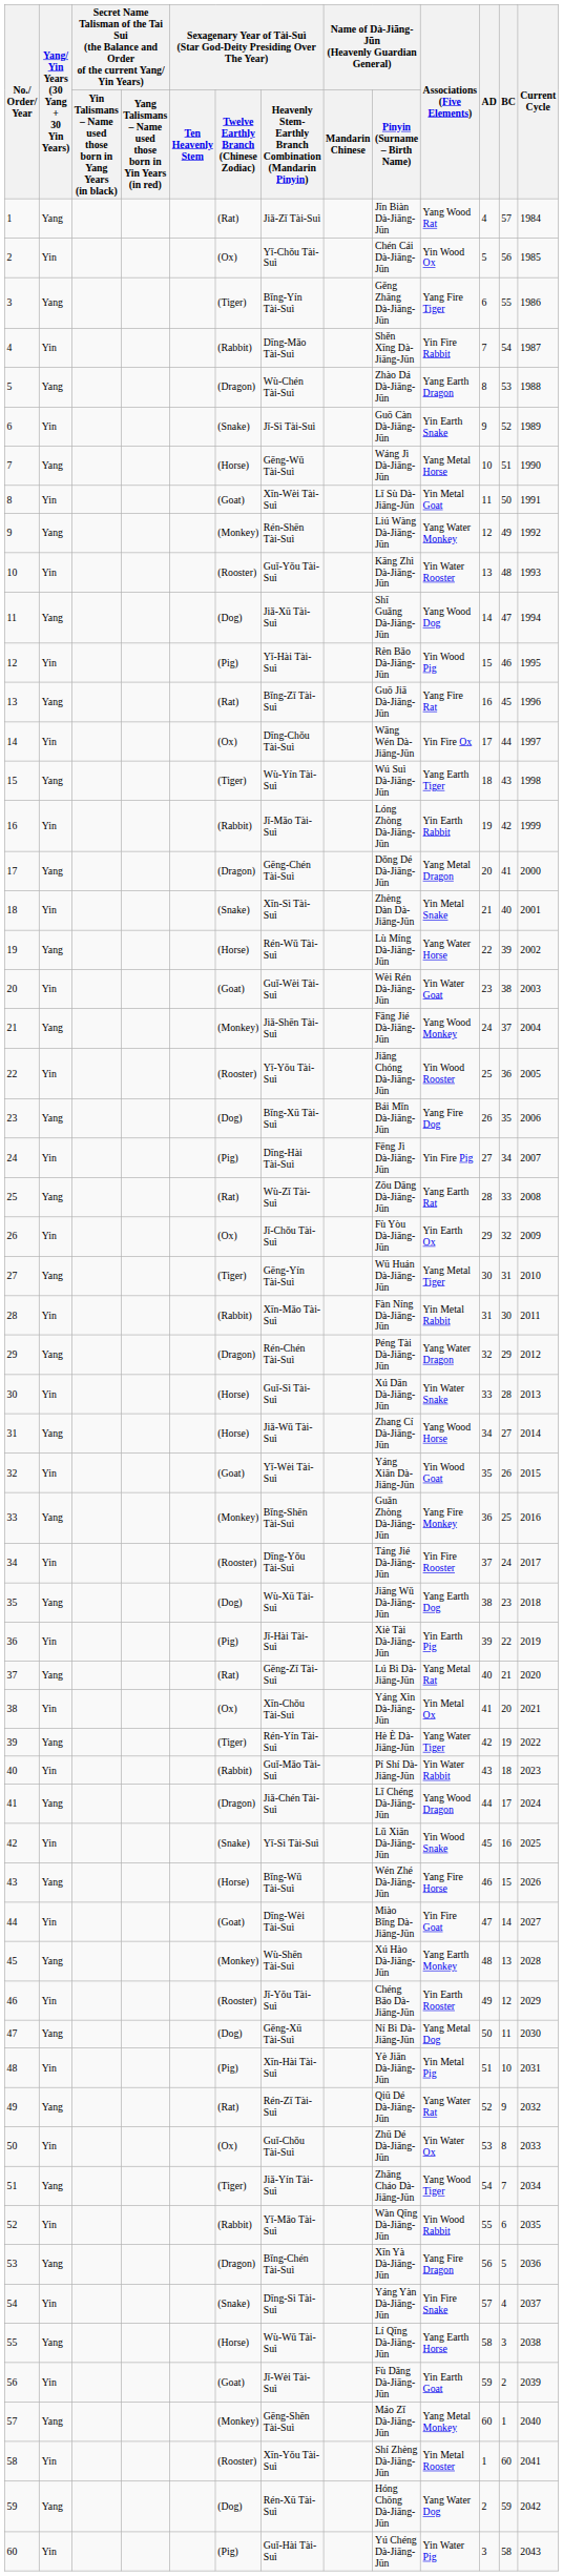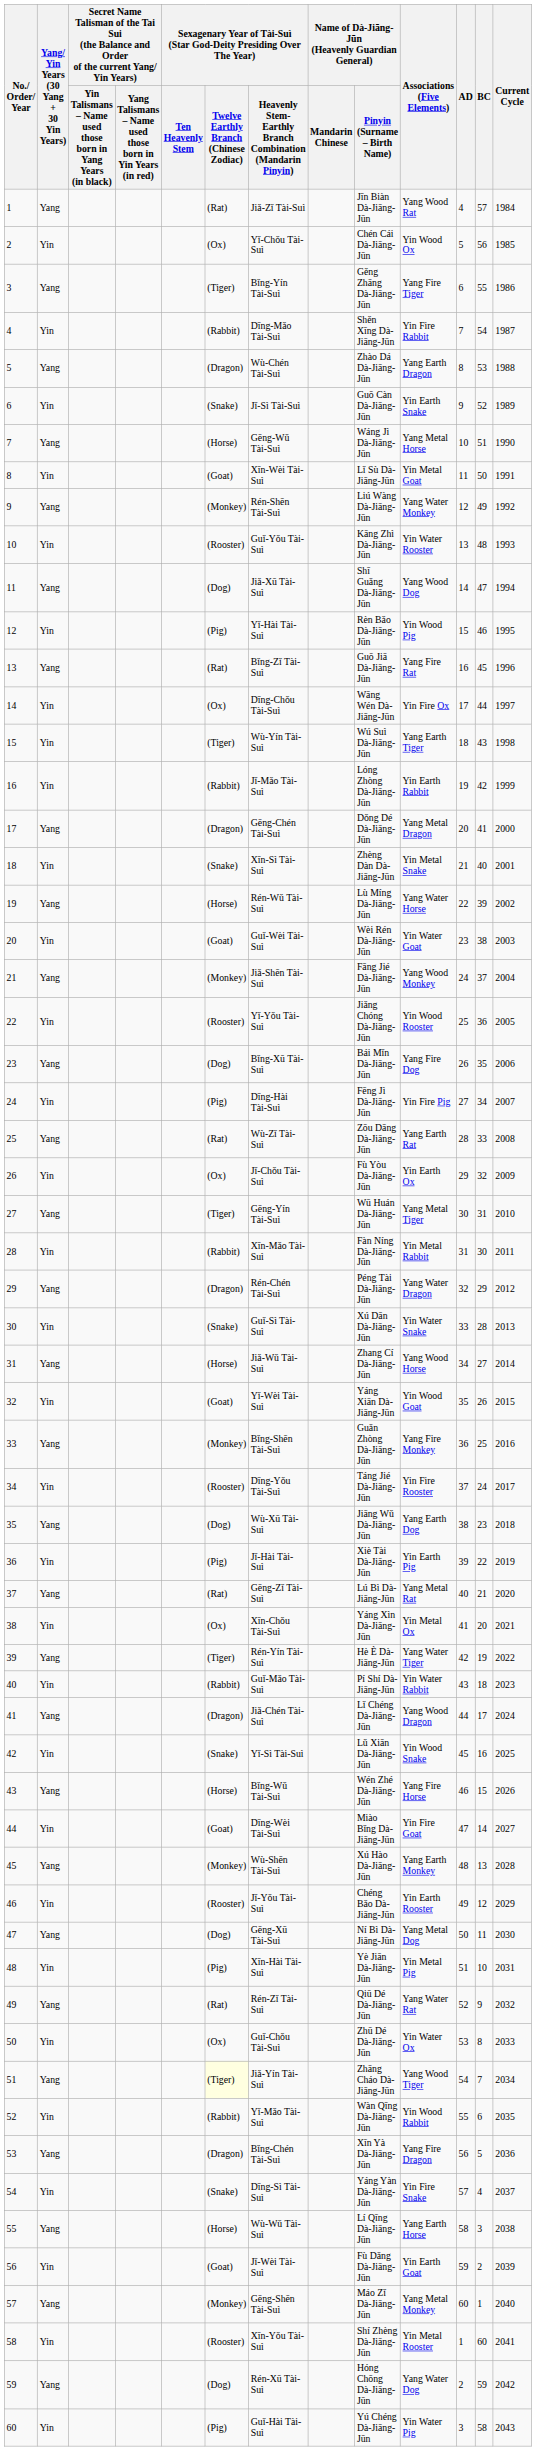 <table class="wikitable">
 <tr>
 <th rowspan="2">No./<br>Order/<br>Year</th>
 <th rowspan="2"><a href='#'>Yang/ Yin</a> Years<br>(30 Yang +<br>30 Yin Years)</th>
 <th colspan="2">Secret Name Talisman of the Tai Sui<br>(the Balance and Order<br>of the current Yang/ Yin Years)</th>
 <th colspan="3">Sexagenary Year of Tài-Suì<br>(Star God-Deity Presiding Over The Year)</th>
 <th colspan="2">Name of Dà-Jiāng-Jūn<br>(Heavenly Guardian General)</th>
 <th rowspan="2">Associations<br>(<a href='#'>Five Elements</a>)</th>
 <th rowspan="2">AD</th>
 <th rowspan="2">BC</th>
 <th rowspan="2">Current Cycle</th>
 </tr>
 <tr>
 <th>Yin Talismans<br>– Name used<br>those born in<br>Yang Years<br>(in black)</th>
 <th>Yang Talismans<br>– Name used<br>those born in<br>Yin Years<br>(in red)</th>
 <th><a href='#'>Ten</a><br><a href='#'>Heavenly</a><br><a href='#'>Stem</a></th>
 <th><a href='#'>Twelve</a><br><a href='#'>Earthly</a><br><a href='#'>Branch</a><br>(Chinese Zodiac)</th>
 <th>Heavenly Stem-Earthly Branch Combination<br>(Mandarin <a href='#'>Pinyin</a>)</th>
 <th>Mandarin Chinese</th>
 <th><a href='#'>Pinyin</a> (Surname – Birth Name)</th>
 </tr>
 <tr>
 <td>1</td>
 <td> Yang</td>
 <td></td>
 <td></td>
 <td></td>
 <td> (Rat)</td>
 <td> Jiǎ-Zǐ Tài-Suì</td>
 <td></td>
 <td>Jīn Biàn Dà-Jiāng-Jūn</td>
 <td>Yang Wood <a href='#'>Rat</a></td>
 <td>4</td>
 <td>57</td>
 <td>1984</td>
 </tr>
 <tr>
 <td>2</td>
 <td> Yin</td>
 <td></td>
 <td></td>
 <td></td>
 <td> (Ox)</td>
 <td> Yǐ-Chǒu Tài-Suì</td>
 <td></td>
 <td>Chén Cái Dà-Jiāng-Jūn</td>
 <td>Yin Wood <a href='#'>Ox</a></td>
 <td>5</td>
 <td>56</td>
 <td>1985</td>
 </tr>
 <tr>
 <td>3</td>
 <td> Yang</td>
 <td></td>
 <td></td>
 <td></td>
 <td> (Tiger)</td>
 <td> Bǐng-Yín Tài-Suì</td>
 <td></td>
 <td>Gěng Zhāng Dà-Jiāng-Jūn</td>
 <td>Yang Fire <a href='#'>Tiger</a></td>
 <td>6</td>
 <td>55</td>
 <td>1986</td>
 </tr>
 <tr>
 <td>4</td>
 <td> Yin</td>
 <td></td>
 <td></td>
 <td></td>
 <td> (Rabbit)</td>
 <td> Dīng-Mǎo Tài-Suì</td>
 <td></td>
 <td>Shěn Xīng Dà-Jiāng-Jūn</td>
 <td>Yin Fire <a href='#'>Rabbit</a></td>
 <td>7</td>
 <td>54</td>
 <td>1987</td>
 </tr>
 <tr>
 <td>5</td>
 <td> Yang</td>
 <td></td>
 <td></td>
 <td></td>
 <td> (Dragon)</td>
 <td> Wù-Chén Tài-Suì</td>
 <td></td>
 <td>Zhào Dá  Dà-Jiāng-Jūn</td>
 <td>Yang Earth <a href='#'>Dragon</a></td>
 <td>8</td>
 <td>53</td>
 <td>1988</td>
 </tr>
 <tr>
 <td>6</td>
 <td> Yin</td>
 <td></td>
 <td></td>
 <td></td>
 <td> (Snake)</td>
 <td> Jǐ-Sì Tài-Suì</td>
 <td></td>
 <td>Guō Càn Dà-Jiāng-Jūn</td>
 <td>Yin Earth <a href='#'>Snake</a></td>
 <td>9</td>
 <td>52</td>
 <td>1989</td>
 </tr>
 <tr>
 <td>7</td>
 <td> Yang</td>
 <td></td>
 <td></td>
 <td></td>
 <td> (Horse)</td>
 <td> Gēng-Wǔ Tài-Suì</td>
 <td></td>
 <td>Wáng Jì Dà-Jiāng-Jūn</td>
 <td>Yang Metal <a href='#'>Horse</a></td>
 <td>10</td>
 <td>51</td>
 <td>1990</td>
 </tr>
 <tr>
 <td>8</td>
 <td> Yin</td>
 <td></td>
 <td></td>
 <td></td>
 <td> (Goat)</td>
 <td> Xīn-Wèi Tài-Suì</td>
 <td></td>
 <td>Lǐ Sù Dà-Jiāng-Jūn</td>
 <td>Yin Metal <a href='#'>Goat</a></td>
 <td>11</td>
 <td>50</td>
 <td>1991</td>
 </tr>
 <tr>
 <td>9</td>
 <td> Yang</td>
 <td></td>
 <td></td>
 <td></td>
 <td> (Monkey)</td>
 <td> Rén-Shēn Tài-Suì</td>
 <td></td>
 <td>Liú Wàng Dà-Jiāng-Jūn</td>
 <td>Yang Water <a href='#'>Monkey</a></td>
 <td>12</td>
 <td>49</td>
 <td>1992</td>
 </tr>
 <tr>
 <td>10</td>
 <td> Yin</td>
 <td></td>
 <td></td>
 <td></td>
 <td> (Rooster)</td>
 <td> Guǐ-Yǒu Tài-Suì</td>
 <td></td>
 <td>Kāng Zhì Dà-Jiāng-Jūn</td>
 <td>Yin Water <a href='#'>Rooster</a></td>
 <td>13</td>
 <td>48</td>
 <td>1993</td>
 </tr>
 <tr>
 <td>11</td>
 <td> Yang</td>
 <td></td>
 <td></td>
 <td></td>
 <td> (Dog)</td>
 <td> Jiǎ-Xū Tài-Suì</td>
 <td></td>
 <td>Shī Guǎng Dà-Jiāng-Jūn</td>
 <td>Yang Wood <a href='#'>Dog</a></td>
 <td>14</td>
 <td>47</td>
 <td>1994</td>
 </tr>
 <tr>
 <td>12</td>
 <td> Yin</td>
 <td></td>
 <td></td>
 <td></td>
 <td> (Pig)</td>
 <td> Yǐ-Hài Tài-Suì</td>
 <td></td>
 <td>Rèn Bǎo Dà-Jiāng-Jūn</td>
 <td>Yin Wood <a href='#'>Pig</a></td>
 <td>15</td>
 <td>46</td>
 <td>1995</td>
 </tr>
 <tr>
 <td>13</td>
 <td> Yang</td>
 <td></td>
 <td></td>
 <td></td>
 <td> (Rat)</td>
 <td> Bǐng-Zǐ Tài-Suì</td>
 <td></td>
 <td>Guō Jiā  Dà-Jiāng-Jūn</td>
 <td>Yang Fire <a href='#'>Rat</a></td>
 <td>16</td>
 <td>45</td>
 <td>1996</td>
 </tr>
 <tr>
 <td>14</td>
 <td> Yin</td>
 <td></td>
 <td></td>
 <td></td>
 <td> (Ox)</td>
 <td> Dīng-Chǒu Tài-Suì</td>
 <td></td>
 <td>Wāng Wén Dà-Jiāng-Jūn</td>
 <td>Yin Fire <a href='#'>Ox</a></td>
 <td>17</td>
 <td>44</td>
 <td>1997</td>
 </tr>
 <tr>
 <td>15</td>
-<td> Yang</td>
+<td> Yin</td>
 <td></td>
 <td></td>
 <td></td>
 <td> (Tiger)</td>
 <td> Wù-Yín Tài-Suì</td>
 <td></td>
 <td>Wú Suì Dà-Jiāng-Jūn</td>
 <td>Yang Earth <a href='#'>Tiger</a></td>
 <td>18</td>
 <td>43</td>
 <td>1998</td>
 </tr>
 <tr>
 <td>16</td>
 <td> Yin</td>
 <td></td>
 <td></td>
 <td></td>
 <td> (Rabbit)</td>
 <td> Jǐ-Mǎo Tài-Suì</td>
 <td></td>
 <td>Lóng Zhòng Dà-Jiāng-Jūn</td>
 <td>Yin Earth <a href='#'>Rabbit</a></td>
 <td>19</td>
 <td>42</td>
 <td>1999</td>
 </tr>
 <tr>
 <td>17</td>
 <td> Yang</td>
 <td></td>
 <td></td>
 <td></td>
 <td> (Dragon)</td>
 <td> Gēng-Chén Tài-Suì</td>
 <td></td>
 <td>Dǒng Dé Dà-Jiāng-Jūn</td>
 <td>Yang Metal <a href='#'>Dragon</a></td>
 <td>20</td>
 <td>41</td>
 <td>2000</td>
 </tr>
 <tr>
 <td>18</td>
 <td> Yin</td>
 <td></td>
 <td></td>
 <td></td>
 <td> (Snake)</td>
 <td> Xīn-Sì Tài-Suì</td>
 <td></td>
 <td>Zhèng Dàn Dà-Jiāng-Jūn</td>
 <td>Yin Metal <a href='#'>Snake</a></td>
 <td>21</td>
 <td>40</td>
 <td>2001</td>
 </tr>
 <tr>
 <td>19</td>
 <td> Yang</td>
 <td></td>
 <td></td>
 <td></td>
 <td> (Horse)</td>
 <td> Rén-Wǔ Tài-Suì</td>
 <td></td>
 <td>Lù Míng Dà-Jiāng-Jūn</td>
 <td>Yang Water <a href='#'>Horse</a></td>
 <td>22</td>
 <td>39</td>
 <td>2002</td>
 </tr>
 <tr>
 <td>20</td>
 <td> Yin</td>
 <td></td>
 <td></td>
 <td></td>
 <td> (Goat)</td>
 <td> Guǐ-Wèi Tài-Suì</td>
 <td></td>
 <td>Wèi Rén Dà-Jiāng-Jūn</td>
 <td>Yin Water <a href='#'>Goat</a></td>
 <td>23</td>
 <td>38</td>
 <td>2003</td>
 </tr>
 <tr>
 <td>21</td>
 <td> Yang</td>
 <td></td>
 <td></td>
 <td></td>
 <td> (Monkey)</td>
 <td> Jiǎ-Shēn Tài-Suì</td>
 <td></td>
 <td>Fāng Jié Dà-Jiāng-Jūn</td>
 <td>Yang Wood <a href='#'>Monkey</a></td>
 <td>24</td>
 <td>37</td>
 <td>2004</td>
 </tr>
 <tr>
 <td>22</td>
 <td> Yin</td>
 <td></td>
 <td></td>
 <td></td>
 <td> (Rooster)</td>
 <td> Yǐ-Yǒu Tài-Suì</td>
 <td></td>
 <td>Jiǎng Chóng Dà-Jiāng-Jūn</td>
 <td>Yin Wood <a href='#'>Rooster</a></td>
 <td>25</td>
 <td>36</td>
 <td>2005</td>
 </tr>
 <tr>
 <td>23</td>
 <td> Yang</td>
 <td></td>
 <td></td>
 <td></td>
 <td> (Dog)</td>
 <td> Bǐng-Xū Tài-Suì</td>
 <td></td>
 <td>Bái Mǐn Dà-Jiāng-Jūn</td>
 <td>Yang Fire <a href='#'>Dog</a></td>
 <td>26</td>
 <td>35</td>
 <td>2006</td>
 </tr>
 <tr>
 <td>24</td>
 <td> Yin</td>
 <td></td>
 <td></td>
 <td></td>
 <td> (Pig)</td>
 <td> Dīng-Hài Tài-Suì</td>
 <td></td>
 <td>Fēng Jì Dà-Jiāng-Jūn</td>
 <td>Yin Fire <a href='#'>Pig</a></td>
 <td>27</td>
 <td>34</td>
 <td>2007</td>
 </tr>
 <tr>
 <td>25</td>
 <td> Yang</td>
 <td></td>
 <td></td>
 <td></td>
 <td> (Rat)</td>
 <td> Wù-Zǐ Tài-Suì</td>
 <td></td>
 <td>Zōu Dāng Dà-Jiāng-Jūn</td>
 <td>Yang Earth <a href='#'>Rat</a></td>
 <td>28</td>
 <td>33</td>
 <td>2008</td>
 </tr>
 <tr>
 <td>26</td>
 <td> Yin</td>
 <td></td>
 <td></td>
 <td></td>
 <td> (Ox)</td>
 <td> Jǐ-Chǒu Tài-Suì</td>
 <td></td>
 <td>Fù Yòu Dà-Jiāng-Jūn</td>
 <td>Yin Earth <a href='#'>Ox</a></td>
 <td>29</td>
 <td>32</td>
 <td>2009</td>
 </tr>
 <tr>
 <td>27</td>
 <td> Yang</td>
 <td></td>
 <td></td>
 <td></td>
 <td> (Tiger)</td>
 <td> Gēng-Yín Tài-Suì</td>
 <td></td>
 <td>Wū Huán Dà-Jiāng-Jūn</td>
 <td>Yang Metal <a href='#'>Tiger</a></td>
 <td>30</td>
 <td>31</td>
 <td>2010</td>
 </tr>
 <tr>
 <td>28</td>
 <td> Yin</td>
 <td></td>
 <td></td>
 <td></td>
 <td> (Rabbit)</td>
 <td> Xīn-Mǎo Tài-Suì</td>
 <td></td>
 <td>Fàn Níng Dà-Jiāng-Jūn</td>
 <td>Yin Metal <a href='#'>Rabbit</a></td>
 <td>31</td>
 <td>30</td>
 <td>2011</td>
 </tr>
 <tr>
 <td>29</td>
 <td> Yang</td>
 <td></td>
 <td></td>
 <td></td>
 <td> (Dragon)</td>
 <td> Rén-Chén Tài-Suì</td>
 <td></td>
 <td>Péng Tài Dà-Jiāng-Jūn</td>
 <td>Yang Water <a href='#'>Dragon</a></td>
 <td>32</td>
 <td>29</td>
 <td>2012</td>
 </tr>
 <tr>
 <td>30</td>
 <td> Yin</td>
 <td></td>
 <td></td>
 <td></td>
-<td> (Horse)</td>
+<td> (Snake)</td>
 <td> Guǐ-Sì Tài-Suì</td>
 <td></td>
 <td>Xú Dān Dà-Jiāng-Jūn</td>
 <td>Yin Water <a href='#'>Snake</a></td>
 <td>33</td>
 <td>28</td>
 <td>2013</td>
 </tr>
 <tr>
 <td>31</td>
 <td> Yang</td>
 <td></td>
 <td></td>
 <td></td>
 <td> (Horse)</td>
 <td> Jiǎ-Wǔ Tài-Suì</td>
 <td></td>
 <td>Zhang Cí Dà-Jiāng-Jūn</td>
 <td>Yang Wood <a href='#'>Horse</a></td>
 <td>34</td>
 <td>27</td>
 <td>2014</td>
 </tr>
 <tr>
 <td>32</td>
 <td> Yin</td>
 <td></td>
 <td></td>
 <td></td>
 <td> (Goat)</td>
 <td> Yǐ-Wèi Tài-Suì</td>
 <td></td>
 <td>Yáng Xiān Dà-Jiāng-Jūn</td>
 <td>Yin Wood <a href='#'>Goat</a></td>
 <td>35</td>
 <td>26</td>
 <td>2015</td>
 </tr>
 <tr>
 <td>33</td>
 <td> Yang</td>
 <td></td>
 <td></td>
 <td></td>
 <td> (Monkey)</td>
 <td> Bǐng-Shēn Tài-Suì</td>
 <td></td>
 <td>Guǎn Zhòng Dà-Jiāng-Jūn</td>
 <td>Yang Fire <a href='#'>Monkey</a></td>
 <td>36</td>
 <td>25</td>
 <td>2016</td>
 </tr>
 <tr>
 <td>34</td>
 <td> Yin</td>
 <td></td>
 <td></td>
 <td></td>
 <td> (Rooster)</td>
 <td> Dīng-Yǒu Tài-Suì</td>
 <td></td>
 <td>Táng Jié Dà-Jiāng-Jūn</td>
 <td>Yin Fire <a href='#'>Rooster</a></td>
 <td>37</td>
 <td>24</td>
 <td>2017</td>
 </tr>
 <tr>
 <td>35</td>
 <td> Yang</td>
 <td></td>
 <td></td>
 <td></td>
 <td> (Dog)</td>
 <td> Wù-Xū Tài-Suì</td>
 <td></td>
 <td>Jiāng Wǔ Dà-Jiāng-Jūn</td>
 <td>Yang Earth <a href='#'>Dog</a></td>
 <td>38</td>
 <td>23</td>
 <td>2018</td>
 </tr>
 <tr>
 <td>36</td>
 <td> Yin</td>
 <td></td>
 <td></td>
 <td></td>
 <td> (Pig)</td>
 <td> Jǐ-Hài Tài-Suì</td>
 <td></td>
 <td>Xiè Tài Dà-Jiāng-Jūn</td>
 <td>Yin Earth <a href='#'>Pig</a></td>
 <td>39</td>
 <td>22</td>
 <td>2019</td>
 </tr>
 <tr>
 <td>37</td>
 <td> Yang</td>
 <td></td>
 <td></td>
 <td></td>
 <td> (Rat)</td>
 <td> Gēng-Zǐ Tài-Suì</td>
 <td></td>
 <td>Lú Bì Dà-Jiāng-Jūn</td>
 <td>Yang Metal <a href='#'>Rat</a></td>
 <td>40</td>
 <td>21</td>
 <td>2020</td>
 </tr>
 <tr>
 <td>38</td>
 <td> Yin</td>
 <td></td>
 <td></td>
 <td></td>
 <td> (Ox)</td>
 <td> Xīn-Chǒu Tài-Suì</td>
 <td></td>
 <td>Yáng Xìn Dà-Jiāng-Jūn</td>
 <td>Yin Metal <a href='#'>Ox</a></td>
 <td>41</td>
 <td>20</td>
 <td>2021</td>
 </tr>
 <tr>
 <td>39</td>
 <td> Yang</td>
 <td></td>
 <td></td>
 <td></td>
 <td> (Tiger)</td>
 <td> Rén-Yín Tài-Suì</td>
 <td></td>
 <td>Hè È Dà-Jiāng-Jūn</td>
 <td>Yang Water <a href='#'>Tiger</a></td>
 <td>42</td>
 <td>19</td>
 <td>2022</td>
 </tr>
 <tr>
 <td>40</td>
 <td> Yin</td>
 <td></td>
 <td></td>
 <td></td>
 <td> (Rabbit)</td>
 <td> Guǐ-Mǎo Tài-Suì</td>
 <td></td>
 <td>Pí Shí Dà-Jiāng-Jūn</td>
 <td>Yin Water <a href='#'>Rabbit</a></td>
 <td>43</td>
 <td>18</td>
 <td>2023</td>
 </tr>
 <tr>
 <td>41</td>
 <td> Yang</td>
 <td></td>
 <td></td>
 <td></td>
 <td> (Dragon)</td>
 <td> Jiǎ-Chén Tài-Suì</td>
 <td></td>
 <td>Lǐ Chéng Dà-Jiāng-Jūn</td>
 <td>Yang Wood <a href='#'>Dragon</a></td>
 <td>44</td>
 <td>17</td>
 <td>2024</td>
 </tr>
 <tr>
 <td>42</td>
 <td> Yin</td>
 <td></td>
 <td></td>
 <td></td>
 <td> (Snake)</td>
 <td> Yǐ-Sì Tài-Suì</td>
 <td></td>
 <td>Lǔ Xiān Dà-Jiāng-Jūn</td>
 <td>Yin Wood <a href='#'>Snake</a></td>
 <td>45</td>
 <td>16</td>
 <td>2025</td>
 </tr>
 <tr>
 <td>43</td>
 <td> Yang</td>
 <td></td>
 <td></td>
 <td></td>
 <td> (Horse)</td>
 <td> Bǐng-Wǔ Tài-Suì</td>
 <td></td>
 <td>Wén Zhé Dà-Jiāng-Jūn</td>
 <td>Yang Fire <a href='#'>Horse</a></td>
 <td>46</td>
 <td>15</td>
 <td>2026</td>
 </tr>
 <tr>
 <td>44</td>
 <td> Yin</td>
 <td></td>
 <td></td>
 <td></td>
 <td> (Goat)</td>
 <td> Dīng-Wèi Tài-Suì</td>
 <td></td>
 <td>Miào Bǐng Dà-Jiāng-Jūn</td>
 <td>Yin Fire <a href='#'>Goat</a></td>
 <td>47</td>
 <td>14</td>
 <td>2027</td>
 </tr>
 <tr>
 <td>45</td>
 <td> Yang</td>
 <td></td>
 <td></td>
 <td></td>
 <td> (Monkey)</td>
 <td> Wù-Shēn Tài-Suì</td>
 <td></td>
 <td>Xú Hào Dà-Jiāng-Jūn</td>
 <td>Yang Earth <a href='#'>Monkey</a></td>
 <td>48</td>
 <td>13</td>
 <td>2028</td>
 </tr>
 <tr>
 <td>46</td>
 <td> Yin</td>
 <td></td>
 <td></td>
 <td></td>
 <td> (Rooster)</td>
 <td> Jǐ-Yǒu Tài-Suì</td>
 <td></td>
 <td>Chéng Bǎo Dà-Jiāng-Jūn</td>
 <td>Yin Earth <a href='#'>Rooster</a></td>
 <td>49</td>
 <td>12</td>
 <td>2029</td>
 </tr>
 <tr>
 <td>47</td>
 <td> Yang</td>
 <td></td>
 <td></td>
 <td></td>
 <td> (Dog)</td>
 <td> Gēng-Xū Tài-Suì</td>
 <td></td>
 <td>Ní Bì Dà-Jiāng-Jūn</td>
 <td>Yang Metal <a href='#'>Dog</a></td>
 <td>50</td>
 <td>11</td>
 <td>2030</td>
 </tr>
 <tr>
 <td>48</td>
 <td> Yin</td>
 <td></td>
 <td></td>
 <td></td>
 <td> (Pig)</td>
 <td> Xīn-Hài Tài-Suì</td>
 <td></td>
 <td>Yè Jiān Dà-Jiāng-Jūn</td>
 <td>Yin Metal <a href='#'>Pig</a></td>
 <td>51</td>
 <td>10</td>
 <td>2031</td>
 </tr>
 <tr>
 <td>49</td>
 <td> Yang</td>
 <td></td>
 <td></td>
 <td></td>
 <td> (Rat)</td>
 <td> Rén-Zǐ Tài-Suì</td>
 <td></td>
 <td>Qiū Dé Dà-Jiāng-Jūn</td>
 <td>Yang Water <a href='#'>Rat</a></td>
 <td>52</td>
 <td>9</td>
 <td>2032</td>
 </tr>
 <tr>
 <td>50</td>
 <td> Yin</td>
 <td></td>
 <td></td>
 <td></td>
 <td> (Ox)</td>
 <td> Guǐ-Chǒu Tài-Suì</td>
 <td></td>
 <td>Zhū Dé Dà-Jiāng-Jūn</td>
 <td>Yin Water <a href='#'>Ox</a></td>
 <td>53</td>
 <td>8</td>
 <td>2033</td>
 </tr>
 <tr>
 <td>51</td>
 <td> Yang</td>
 <td></td>
 <td></td>
 <td></td>
-<td> (Tiger)</td>
+<td style="background: lightyellow;"> (Tiger)</td>
 <td> Jiǎ-Yín Tài-Suì</td>
 <td></td>
 <td>Zhāng Cháo Dà-Jiāng-Jūn</td>
 <td>Yang Wood <a href='#'>Tiger</a></td>
 <td>54</td>
 <td>7</td>
 <td>2034</td>
 </tr>
 <tr>
 <td>52</td>
 <td> Yin</td>
 <td></td>
 <td></td>
 <td></td>
 <td> (Rabbit)</td>
 <td> Yǐ-Mǎo Tài-Suì</td>
 <td></td>
 <td>Wàn Qīng Dà-Jiāng-Jūn</td>
 <td>Yin Wood <a href='#'>Rabbit</a></td>
 <td>55</td>
 <td>6</td>
 <td>2035</td>
 </tr>
 <tr>
 <td>53</td>
 <td> Yang</td>
 <td></td>
 <td></td>
 <td></td>
 <td> (Dragon)</td>
 <td> Bǐng-Chén Tài-Suì</td>
 <td></td>
 <td>Xīn Yà Dà-Jiāng-Jūn</td>
 <td>Yang Fire <a href='#'>Dragon</a></td>
 <td>56</td>
 <td>5</td>
 <td>2036</td>
 </tr>
 <tr>
 <td>54</td>
 <td> Yin</td>
 <td></td>
 <td></td>
 <td></td>
 <td> (Snake)</td>
 <td> Dīng-Sì Tài-Suì</td>
 <td></td>
 <td>Yáng Yàn Dà-Jiāng-Jūn</td>
 <td>Yin Fire <a href='#'>Snake</a></td>
 <td>57</td>
 <td>4</td>
 <td>2037</td>
 </tr>
 <tr>
 <td>55</td>
 <td> Yang</td>
 <td></td>
 <td></td>
 <td></td>
 <td> (Horse)</td>
 <td> Wù-Wǔ Tài-Suì</td>
 <td></td>
 <td>Lí Qīng Dà-Jiāng-Jūn</td>
 <td>Yang Earth <a href='#'>Horse</a></td>
 <td>58</td>
 <td>3</td>
 <td>2038</td>
 </tr>
 <tr>
 <td>56</td>
 <td> Yin</td>
 <td></td>
 <td></td>
 <td></td>
 <td> (Goat)</td>
 <td> Jǐ-Wèi Tài-Suì</td>
 <td></td>
 <td>Fù Dǎng Dà-Jiāng-Jūn</td>
 <td>Yin Earth <a href='#'>Goat</a></td>
 <td>59</td>
 <td>2</td>
 <td>2039</td>
 </tr>
 <tr>
 <td>57</td>
 <td> Yang</td>
 <td></td>
 <td></td>
 <td></td>
 <td> (Monkey)</td>
 <td> Gēng-Shēn Tài-Suì</td>
 <td></td>
 <td>Máo Zǐ Dà-Jiāng-Jūn</td>
 <td>Yang Metal <a href='#'>Monkey</a></td>
 <td>60</td>
 <td>1</td>
 <td>2040</td>
 </tr>
 <tr>
 <td>58</td>
 <td> Yin</td>
 <td></td>
 <td></td>
 <td></td>
 <td> (Rooster)</td>
 <td> Xīn-Yǒu Tài-Suì</td>
 <td></td>
 <td>Shí Zhèng Dà-Jiāng-Jūn</td>
 <td>Yin Metal <a href='#'>Rooster</a></td>
 <td>1</td>
 <td>60</td>
 <td>2041</td>
 </tr>
 <tr>
 <td>59</td>
 <td> Yang</td>
 <td></td>
 <td></td>
 <td></td>
 <td> (Dog)</td>
 <td> Rén-Xū Tài-Suì</td>
 <td></td>
 <td>Hóng Chōng Dà-Jiāng-Jūn</td>
 <td>Yang Water <a href='#'>Dog</a></td>
 <td>2</td>
 <td>59</td>
 <td>2042</td>
 </tr>
 <tr>
 <td>60</td>
 <td> Yin</td>
 <td></td>
 <td></td>
 <td></td>
 <td> (Pig)</td>
 <td> Guǐ-Hài Tài-Suì</td>
 <td></td>
 <td>Yú Chéng Dà-Jiāng-Jūn</td>
 <td>Yin Water <a href='#'>Pig</a></td>
 <td>3</td>
 <td>58</td>
 <td>2043</td>
 </tr>
 </table>
